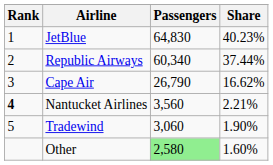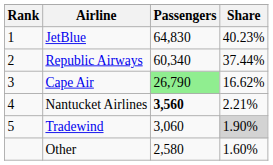 <table class="wikitable sortable" style="font-size: 95%">
 <tr>
 </tr>
 <tr>
 <th>Rank</th>
 <th>Airline</th>
 <th>Passengers</th>
 <th>Share</th>
 </tr>
 <tr>
 <td>1</td>
 <td><a href='#'>JetBlue</a></td>
 <td>64,830</td>
 <td>40.23%</td>
 </tr>
 <tr>
 <td>2</td>
 <td><a href='#'>Republic Airways</a></td>
 <td>60,340</td>
 <td>37.44%</td>
 </tr>
 <tr>
 <td>3</td>
 <td><a href='#'>Cape Air</a></td>
-<td>26,790</td>
+<td style="background: lightgreen;">26,790</td>
 <td>16.62%</td>
 </tr>
 <tr>
-<td><strong>4</strong></td>
+<td>4</td>
 <td>Nantucket Airlines</td>
-<td>3,560</td>
+<td><strong>3,560</strong></td>
 <td>2.21%</td>
 </tr>
 <tr>
 <td>5</td>
 <td><a href='#'>Tradewind</a></td>
 <td>3,060</td>
-<td>1.90%</td>
+<td style="background: lightgrey;">1.90%</td>
 </tr>
 <tr>
 <td></td>
 <td>Other</td>
-<td style="background: lightgreen;">2,580</td>
+<td>2,580</td>
 <td>1.60%</td>
 </tr>
 </table>
